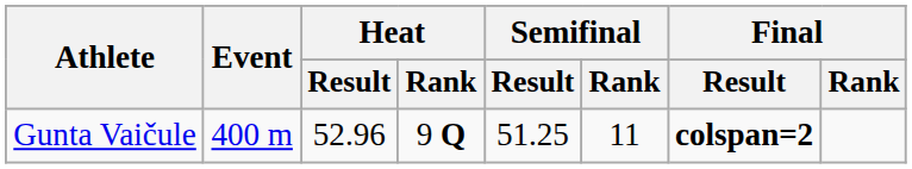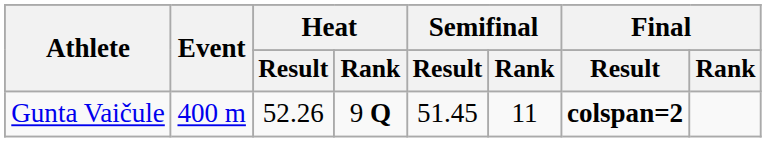 <table class="wikitable" style="font-size:90%">
 <tr>
 <th rowspan="2">Athlete</th>
 <th rowspan="2">Event</th>
 <th colspan="2">Heat</th>
 <th colspan="2">Semifinal</th>
 <th colspan="2">Final</th>
 </tr>
 <tr style="font-size:95%">
 <th>Result</th>
 <th>Rank</th>
 <th>Result</th>
 <th>Rank</th>
 <th>Result</th>
 <th>Rank</th>
 </tr>
 <tr align=center>
 <td align=left><a href='#'>Gunta Vaičule</a></td>
 <td align=left><a href='#'>400 m</a></td>
-<td>52.96</td>
+<td>52.26</td>
 <td>9 <strong>Q</strong></td>
-<td>51.25 </td>
+<td>51.45 </td>
 <td>11</td>
 <td><strong>colspan=2 </strong></td>
 </tr>
 </table>
